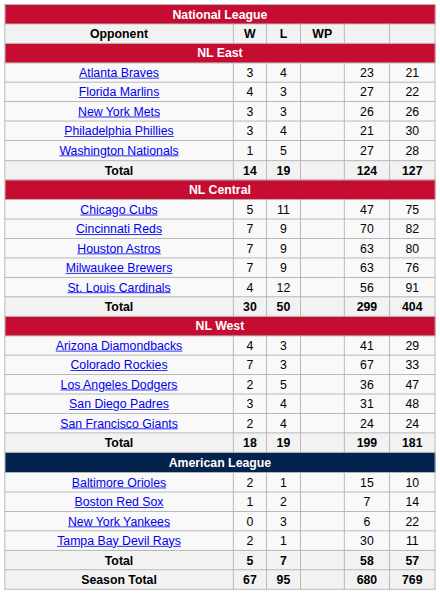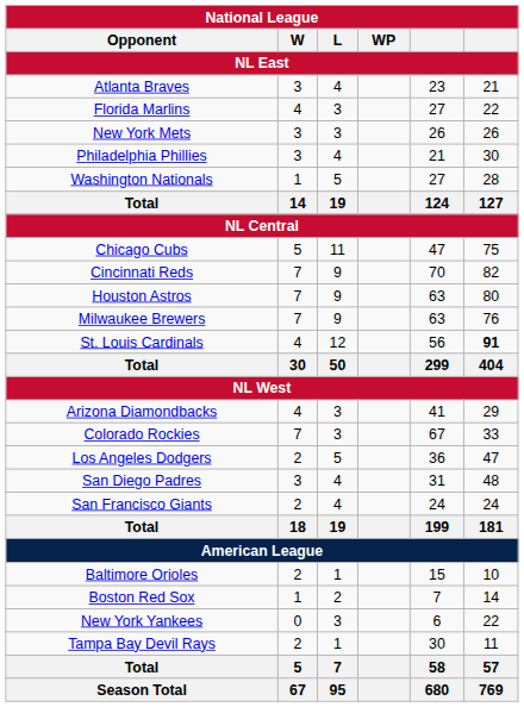 <table class="wikitable" style="font-size:95%; text-align:center; width:35em;margin: 0.5em auto;">
 <tr>
 <td colspan="7" style="background:#c60c30;color:#fff"><strong>National League</strong></td>
 </tr>
 <tr>
 <th>Opponent</th>
 <th>W</th>
 <th>L</th>
 <th>WP</th>
 <th></th>
 <th></th>
 </tr>
 <tr>
 <td colspan="7" style="background:#c60c30;color:#fff"><strong>NL East</strong></td>
 </tr>
 <tr>
 <td><a href='#'>Atlanta Braves</a></td>
 <td>3</td>
 <td>4</td>
 <td></td>
 <td>23</td>
 <td>21</td>
 </tr>
 <tr>
 <td><a href='#'>Florida Marlins</a></td>
 <td>4</td>
 <td>3</td>
 <td></td>
 <td>27</td>
 <td>22</td>
 </tr>
 <tr>
 <td><a href='#'>New York Mets</a></td>
 <td>3</td>
 <td>3</td>
 <td></td>
 <td>26</td>
 <td>26</td>
 </tr>
 <tr>
 <td><a href='#'>Philadelphia Phillies</a></td>
 <td>3</td>
 <td>4</td>
 <td></td>
 <td>21</td>
 <td>30</td>
 </tr>
 <tr>
 <td><a href='#'>Washington Nationals</a></td>
 <td>1</td>
 <td>5</td>
 <td></td>
 <td>27</td>
 <td>28</td>
 </tr>
 <tr>
 <th>Total</th>
 <th>14</th>
 <th>19</th>
 <th></th>
 <th>124</th>
 <th>127</th>
 </tr>
 <tr>
 <td colspan="7" style="background:#c60c30;color:#fff"><strong>NL Central</strong></td>
 </tr>
 <tr>
 <td><a href='#'>Chicago Cubs</a></td>
 <td>5</td>
 <td>11</td>
 <td></td>
 <td>47</td>
 <td>75</td>
 </tr>
 <tr>
 <td><a href='#'>Cincinnati Reds</a></td>
 <td>7</td>
 <td>9</td>
 <td></td>
 <td>70</td>
 <td>82</td>
 </tr>
 <tr>
 <td><a href='#'>Houston Astros</a></td>
 <td>7</td>
 <td>9</td>
 <td></td>
 <td>63</td>
 <td>80</td>
 </tr>
 <tr>
 <td><a href='#'>Milwaukee Brewers</a></td>
 <td>7</td>
 <td>9</td>
 <td></td>
 <td>63</td>
 <td>76</td>
 </tr>
 <tr>
 <td><a href='#'>St. Louis Cardinals</a></td>
 <td>4</td>
 <td>12</td>
 <td></td>
 <td>56</td>
-<td>91</td>
+<td><strong>91</strong></td>
 </tr>
 <tr>
 <th>Total</th>
 <th>30</th>
 <th>50</th>
 <th></th>
 <th>299</th>
 <th>404</th>
 </tr>
 <tr>
 <td colspan="7" style="background:#c60c30;color:#fff"><strong>NL West</strong></td>
 </tr>
 <tr>
 <td><a href='#'>Arizona Diamondbacks</a></td>
 <td>4</td>
 <td>3</td>
 <td></td>
 <td>41</td>
 <td>29</td>
 </tr>
 <tr>
 <td><a href='#'>Colorado Rockies</a></td>
 <td>7</td>
 <td>3</td>
 <td></td>
 <td>67</td>
 <td>33</td>
 </tr>
 <tr>
 <td><a href='#'>Los Angeles Dodgers</a></td>
 <td>2</td>
 <td>5</td>
 <td></td>
 <td>36</td>
 <td>47</td>
 </tr>
 <tr>
 <td><a href='#'>San Diego Padres</a></td>
 <td>3</td>
 <td>4</td>
 <td></td>
 <td>31</td>
 <td>48</td>
 </tr>
 <tr>
 <td><a href='#'>San Francisco Giants</a></td>
 <td>2</td>
 <td>4</td>
 <td></td>
 <td>24</td>
 <td>24</td>
 </tr>
 <tr>
 <th>Total</th>
 <th>18</th>
 <th>19</th>
 <th></th>
 <th>199</th>
 <th>181</th>
 </tr>
 <tr>
 <td colspan="7" style="background:#03224c;color:#fff"><strong>American League</strong></td>
 </tr>
 <tr>
 <td><a href='#'>Baltimore Orioles</a></td>
 <td>2</td>
 <td>1</td>
 <td></td>
 <td>15</td>
 <td>10</td>
 </tr>
 <tr>
 <td><a href='#'>Boston Red Sox</a></td>
 <td>1</td>
 <td>2</td>
 <td></td>
 <td>7</td>
 <td>14</td>
 </tr>
 <tr>
 <td><a href='#'>New York Yankees</a></td>
 <td>0</td>
 <td>3</td>
 <td></td>
 <td>6</td>
 <td>22</td>
 </tr>
 <tr>
 <td><a href='#'>Tampa Bay Devil Rays</a></td>
 <td>2</td>
 <td>1</td>
 <td></td>
 <td>30</td>
 <td>11</td>
 </tr>
 <tr>
 <th>Total</th>
 <th>5</th>
 <th>7</th>
 <th></th>
 <th>58</th>
 <th>57</th>
 </tr>
 <tr>
 <th>Season Total</th>
 <th>67</th>
 <th>95</th>
 <th></th>
 <th>680</th>
 <th>769</th>
 </tr>
 </table>
